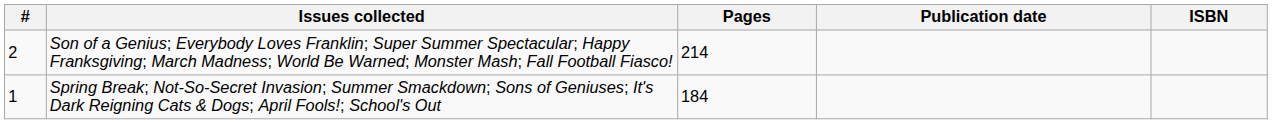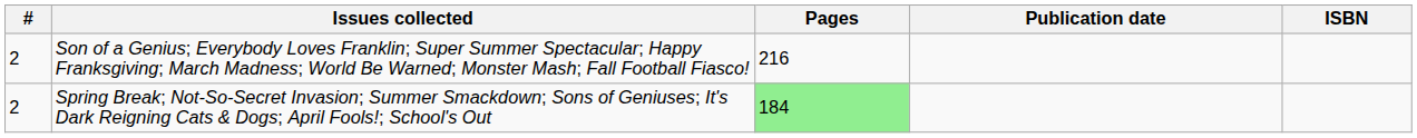 <table class="wikitable sortable" width=98%>
 <tr>
 <th class="unsortable">#</th>
 <th class="unsortable" width="50%">Issues collected</th>
 <th>Pages</th>
 <th>Publication date</th>
 <th class="unsortable">ISBN</th>
 </tr>
 <tr>
 <td>2</td>
 <td><em>Son of a Genius</em>; <em>Everybody Loves Franklin</em>; <em>Super Summer Spectacular</em>; <em>Happy Franksgiving</em>; <em>March Madness</em>; <em>World Be Warned</em>; <em>Monster Mash</em>; <em>Fall Football Fiasco!</em></td>
-<td>214</td>
+<td>216</td>
 <td></td>
 <td></td>
 </tr>
 <tr>
-<td>1</td>
+<td>2</td>
 <td><em>Spring Break</em>; <em>Not-So-Secret Invasion</em>; <em>Summer Smackdown</em>; <em>Sons of Geniuses</em>; <em>It's Dark Reigning Cats & Dogs</em>; <em>April Fools!</em>; <em>School's Out</em></td>
-<td>184</td>
+<td style="background: lightgreen;">184</td>
 <td></td>
 <td></td>
 </tr>
 </table>
